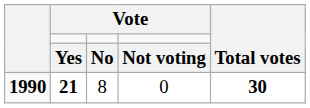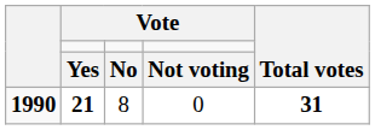 <table class=wikitable style="text-align:center">
 <tr style="vertical-align:bottom;">
 <th rowspan=3></th>
 <th colspan=3>Vote</th>
 <th rowspan=3>Total votes</th>
 </tr>
 <tr style="height:5px">
 <td style="background-color:"></td>
 <td style="background-color:"></td>
 <td style="background-color:"></td>
 </tr>
 <tr style="vertical-align:bottom;">
 <th>Yes</th>
 <th>No</th>
 <th>Not voting</th>
 </tr>
 <tr>
 <td><strong>1990</strong></td>
 <td style="background:#fff;"><strong>21</strong></td>
 <td style="background:#fff;">8</td>
 <td style="background:#fff;">0</td>
-<td style="background:#fff;"><strong>30</strong></td>
+<td style="background:#fff;"><strong>31</strong></td>
 </tr>
 </table>
